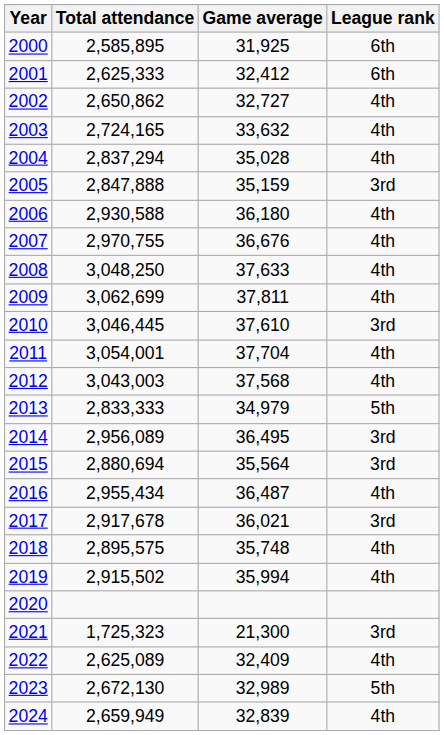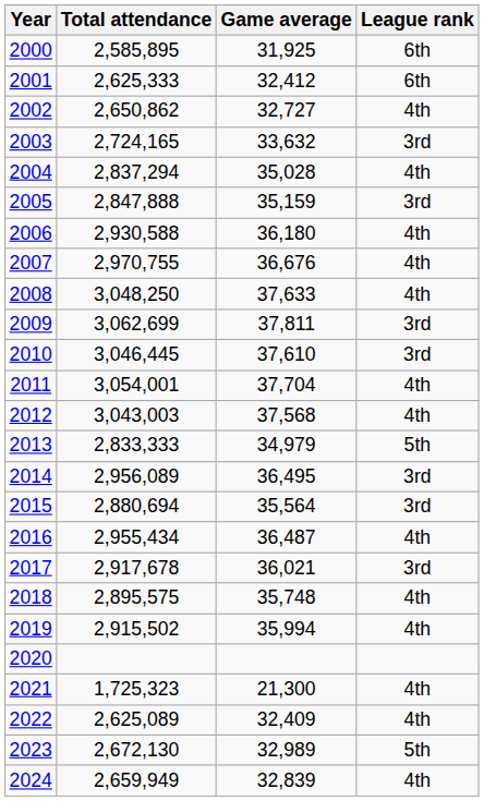 <table class="wikitable sortable" style="text-align:center">
 <tr>
 <th style="text-align:center; ">Year</th>
 <th style="text-align:center; ">Total attendance</th>
 <th style="text-align:center; ">Game average</th>
 <th style="text-align:center; ">League rank</th>
 </tr>
 <tr>
 <td><a href='#'>2000</a></td>
 <td>2,585,895</td>
 <td>31,925</td>
 <td>6th</td>
 </tr>
 <tr>
 <td><a href='#'>2001</a></td>
 <td>2,625,333</td>
 <td>32,412</td>
 <td>6th</td>
 </tr>
 <tr>
 <td><a href='#'>2002</a></td>
 <td>2,650,862</td>
 <td>32,727</td>
 <td>4th</td>
 </tr>
 <tr>
 <td><a href='#'>2003</a></td>
 <td>2,724,165</td>
 <td>33,632</td>
-<td>4th</td>
+<td>3rd</td>
 </tr>
 <tr>
 <td><a href='#'>2004</a></td>
 <td>2,837,294</td>
 <td>35,028</td>
 <td>4th</td>
 </tr>
 <tr>
 <td><a href='#'>2005</a></td>
 <td>2,847,888</td>
 <td>35,159</td>
 <td>3rd</td>
 </tr>
 <tr>
 <td><a href='#'>2006</a></td>
 <td>2,930,588</td>
 <td>36,180</td>
 <td>4th</td>
 </tr>
 <tr>
 <td><a href='#'>2007</a></td>
 <td>2,970,755</td>
 <td>36,676</td>
 <td>4th</td>
 </tr>
 <tr>
 <td><a href='#'>2008</a></td>
 <td>3,048,250</td>
 <td>37,633</td>
 <td>4th</td>
 </tr>
 <tr>
 <td><a href='#'>2009</a></td>
 <td>3,062,699</td>
 <td>37,811</td>
-<td>4th</td>
+<td>3rd</td>
 </tr>
 <tr>
 <td><a href='#'>2010</a></td>
 <td>3,046,445</td>
 <td>37,610</td>
 <td>3rd</td>
 </tr>
 <tr>
 <td><a href='#'>2011</a></td>
 <td>3,054,001</td>
 <td>37,704</td>
 <td>4th</td>
 </tr>
 <tr>
 <td><a href='#'>2012</a></td>
 <td>3,043,003</td>
 <td>37,568</td>
 <td>4th</td>
 </tr>
 <tr>
 <td><a href='#'>2013</a></td>
 <td>2,833,333</td>
 <td>34,979</td>
 <td>5th</td>
 </tr>
 <tr>
 <td><a href='#'>2014</a></td>
 <td>2,956,089</td>
 <td>36,495</td>
 <td>3rd</td>
 </tr>
 <tr>
 <td><a href='#'>2015</a></td>
 <td>2,880,694</td>
 <td>35,564</td>
 <td>3rd</td>
 </tr>
 <tr>
 <td><a href='#'>2016</a></td>
 <td>2,955,434</td>
 <td>36,487</td>
 <td>4th</td>
 </tr>
 <tr>
 <td><a href='#'>2017</a></td>
 <td>2,917,678</td>
 <td>36,021</td>
 <td>3rd</td>
 </tr>
 <tr>
 <td><a href='#'>2018</a></td>
 <td>2,895,575</td>
 <td>35,748</td>
 <td>4th</td>
 </tr>
 <tr>
 <td><a href='#'>2019</a></td>
 <td>2,915,502</td>
 <td>35,994</td>
 <td>4th</td>
 </tr>
 <tr>
 <td><a href='#'>2020</a></td>
 <td></td>
 <td></td>
 <td></td>
 </tr>
 <tr>
 <td><a href='#'>2021</a></td>
 <td>1,725,323</td>
 <td>21,300</td>
-<td>3rd</td>
+<td>4th</td>
 </tr>
 <tr>
 <td><a href='#'>2022</a></td>
 <td>2,625,089</td>
 <td>32,409</td>
 <td>4th</td>
 </tr>
 <tr>
 <td><a href='#'>2023</a></td>
 <td>2,672,130</td>
 <td>32,989</td>
 <td>5th</td>
 </tr>
 <tr>
 <td><a href='#'>2024</a></td>
 <td>2,659,949</td>
 <td>32,839</td>
 <td>4th</td>
 </tr>
 </table>
